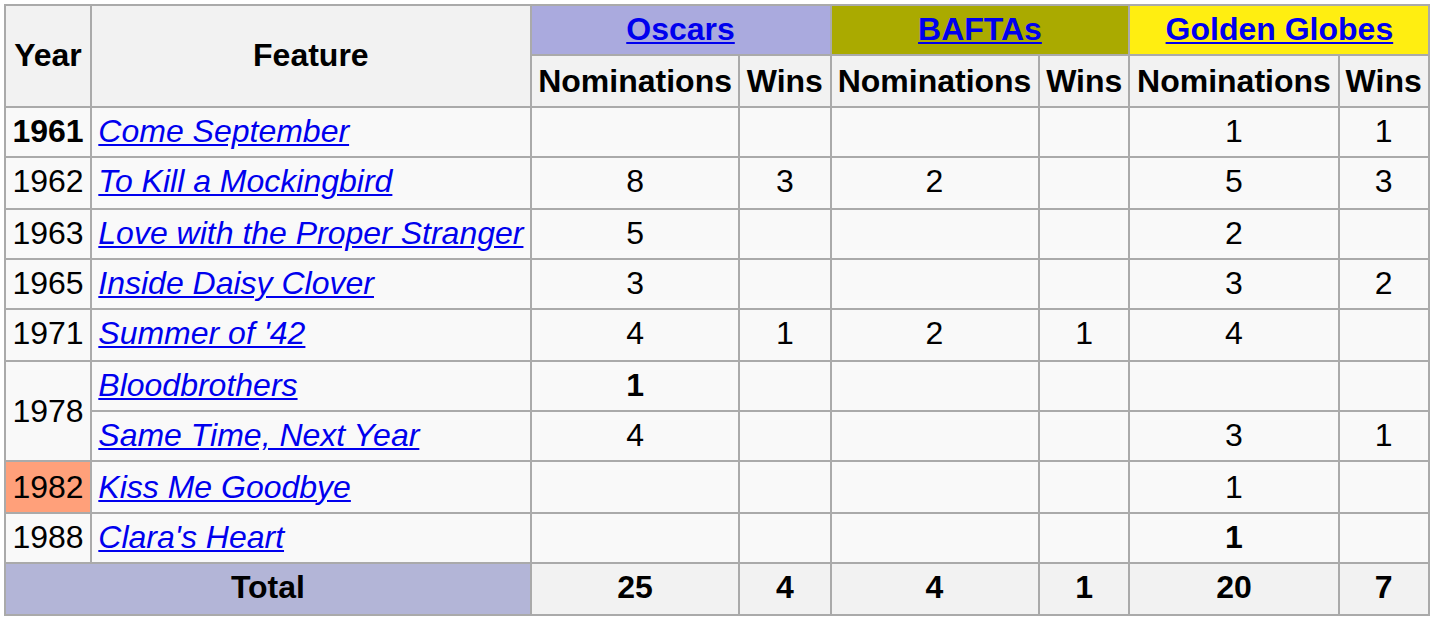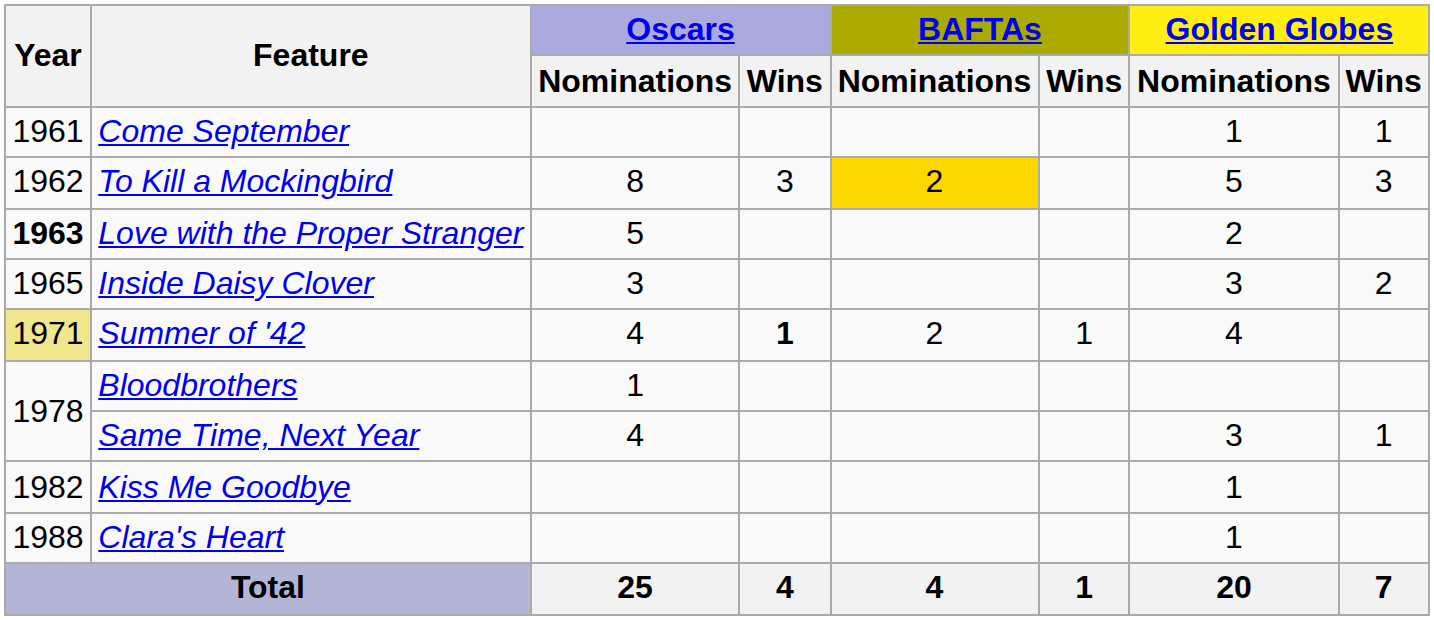 <table class="wikitable">
 <tr>
 <th rowspan="2">Year</th>
 <th rowspan="2">Feature</th>
 <th colspan="2" style="background-color:#aaaade; text-align:center;"><a href='#'>Oscars</a></th>
 <th colspan="2" style="background-color:#aa0; text-align:center;"><a href='#'>BAFTAs</a></th>
 <th colspan="2" style="background-color:#fe1; text-align:center;"><a href='#'>Golden Globes</a></th>
 </tr>
 <tr>
 <th>Nominations</th>
 <th>Wins</th>
 <th>Nominations</th>
 <th>Wins</th>
 <th>Nominations</th>
 <th>Wins</th>
 </tr>
 <tr>
-<td><strong>1961</strong></td>
+<td>1961</td>
 <td><em><a href='#'>Come September</a></em></td>
 <td></td>
 <td></td>
 <td></td>
 <td></td>
 <td align=center>1</td>
 <td align=center>1</td>
 </tr>
 <tr>
 <td>1962</td>
 <td><a href='#'><em>To Kill a Mockingbird</em></a></td>
 <td align=center>8</td>
 <td align=center>3</td>
-<td align=center>2</td>
+<td align=center style="background: gold;">2</td>
 <td></td>
 <td align=center>5</td>
 <td align=center>3</td>
 </tr>
 <tr>
-<td>1963</td>
+<td><strong>1963</strong></td>
 <td><em><a href='#'>Love with the Proper Stranger</a></em></td>
 <td align=center>5</td>
 <td></td>
 <td></td>
 <td></td>
 <td align=center>2</td>
 <td></td>
 </tr>
 <tr>
 <td>1965</td>
 <td><em><a href='#'>Inside Daisy Clover</a></em></td>
 <td align=center>3</td>
 <td></td>
 <td></td>
 <td></td>
 <td align=center>3</td>
 <td align=center>2</td>
 </tr>
 <tr>
-<td>1971</td>
+<td style="background: khaki;">1971</td>
 <td><em><a href='#'>Summer of '42</a></em></td>
 <td align=center>4</td>
-<td align=center>1</td>
+<td align=center><strong>1</strong></td>
 <td align=center>2</td>
 <td align=center>1</td>
 <td align=center>4</td>
 <td></td>
 </tr>
 <tr>
 <td rowspan="2">1978</td>
 <td><a href='#'><em>Bloodbrothers</em></a></td>
-<td align=center><strong>1</strong></td>
+<td align=center>1</td>
 <td></td>
 <td></td>
 <td></td>
 <td></td>
 <td></td>
 </tr>
 <tr>
 <td><a href='#'><em>Same Time, Next Year</em></a></td>
 <td align=center>4</td>
 <td></td>
 <td></td>
 <td></td>
 <td align=center>3</td>
 <td align=center>1</td>
 </tr>
 <tr>
-<td style="background: lightsalmon;">1982</td>
+<td>1982</td>
 <td><a href='#'><em>Kiss Me Goodbye</em></a></td>
 <td></td>
 <td></td>
 <td></td>
 <td></td>
 <td align=center>1</td>
 <td></td>
 </tr>
 <tr>
 <td>1988</td>
 <td><em><a href='#'>Clara's Heart</a></em></td>
 <td></td>
 <td></td>
 <td></td>
 <td></td>
-<td align=center><strong>1</strong></td>
+<td align=center>1</td>
 <td></td>
 </tr>
 <tr>
 <th colspan="2" style="background-color:#b3b5d7;">Total</th>
 <th>25</th>
 <th>4</th>
 <th>4</th>
 <th>1</th>
 <th>20</th>
 <th>7</th>
 </tr>
 <tr>
 </tr>
 </table>
